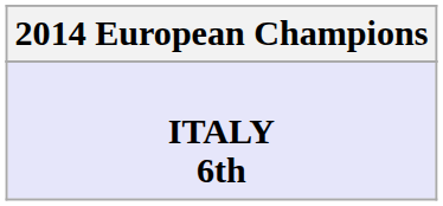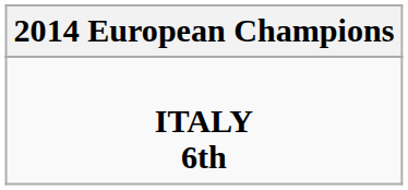 <table class="wikitable" style="text-align: center; margin: 0 auto;">
 <tr>
 <th>2014 European Champions</th>
 </tr>
 <tr>
 </tr>
 <tr>
-<td style="background: lavender;"><br><strong>ITALY</strong><br><strong>6th</strong></td>
+<td><br><strong>ITALY</strong><br><strong>6th</strong></td>
 </tr>
 </table>
